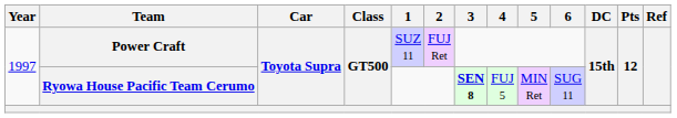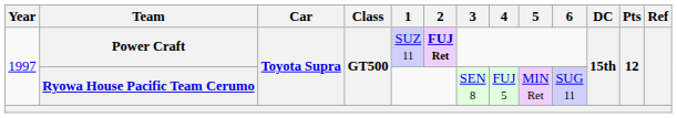 <table class="wikitable" style="text-align:center; font-size:85%">
 <tr>
 <th>Year</th>
 <th>Team</th>
 <th>Car</th>
 <th>Class</th>
 <th>1</th>
 <th>2</th>
 <th>3</th>
 <th>4</th>
 <th>5</th>
 <th>6</th>
 <th>DC</th>
 <th>Pts</th>
 <th>Ref</th>
 </tr>
 <tr>
 <td rowspan="2"><a href='#'>1997</a></td>
 <th nowrap>Power Craft</th>
 <th rowspan="2" nowrap><a href='#'>Toyota Supra</a></th>
 <th rowspan="2">GT500</th>
 <td style="background:#CFCFFF;"><a href='#'>SUZ</a><br><small>11</small></td>
-<td style="background:#EFCFFF;"><a href='#'>FUJ</a><br><small>Ret</small></td>
+<td style="background:#EFCFFF;"><strong><a href='#'>FUJ</a><br><small>Ret</small></strong></td>
 <td colspan=4></td>
 <th rowspan="2">15th</th>
 <th rowspan="2">12</th>
 <th rowspan="2"></th>
 </tr>
 <tr>
 <th nowrap><a href='#'>Ryowa House Pacific Team Cerumo</a></th>
 <td colspan=2></td>
-<td style="background:#DFFFDF;"><strong><a href='#'>SEN</a><br><small>8</small></strong></td>
+<td style="background:#DFFFDF;"><a href='#'>SEN</a><br><small>8</small></td>
 <td style="background:#DFFFDF;"><a href='#'>FUJ</a><br><small>5</small></td>
 <td style="background:#EFCFFF;"><a href='#'>MIN</a><br><small>Ret</small></td>
 <td style="background:#CFCFFF;"><a href='#'>SUG</a><br><small>11</small></td>
 </tr>
 <tr>
 <th colspan="13"></th>
 </tr>
 </table>
